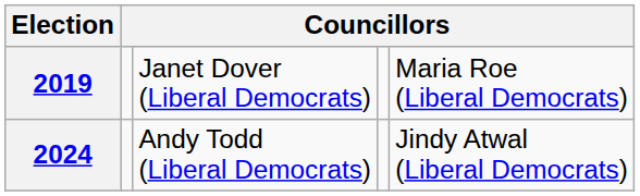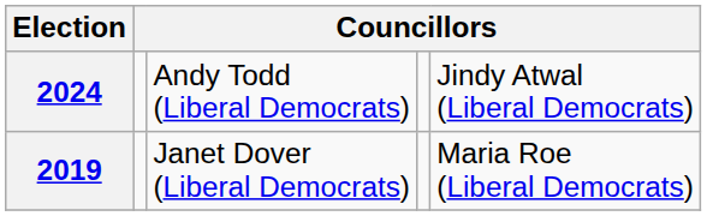 <table class="wikitable">
 <tr>
 <th>Election</th>
 <th colspan="4">Councillors</th>
+</tr>
+<tr>
+<th><a href='#'>2024</a></th>
+<td rowspan="1;" style="background-color: "></td>
+<td>Andy Todd<br>(<a href='#'>Liberal Democrats</a>)</td>
+<td rowspan="1;" style="background-color: "></td>
+<td>Jindy Atwal<br>(<a href='#'>Liberal Democrats</a>)</td>
 </tr>
 <tr>
 <th><a href='#'>2019</a></th>
 <td rowspan="1;" style="background-color: "></td>
 <td>Janet Dover<br>(<a href='#'>Liberal Democrats</a>)</td>
 <td rowspan="1;" style="background-color: "></td>
 <td>Maria Roe<br>(<a href='#'>Liberal Democrats</a>)</td>
 </tr>
-<tr>
-<th><a href='#'>2024</a></th>
-<td rowspan="1;" style="background-color: "></td>
-<td>Andy Todd<br>(<a href='#'>Liberal Democrats</a>)</td>
-<td rowspan="1;" style="background-color: "></td>
-<td>Jindy Atwal<br>(<a href='#'>Liberal Democrats</a>)</td>
-</tr>
 </table>
